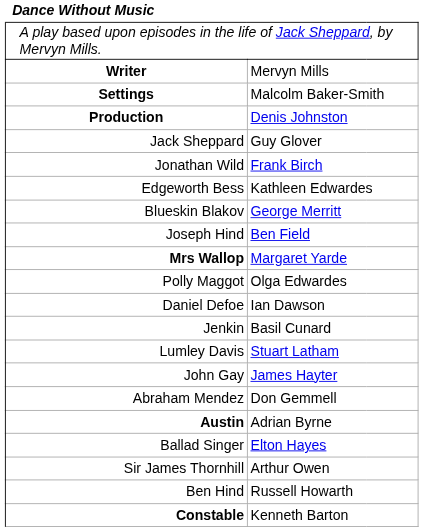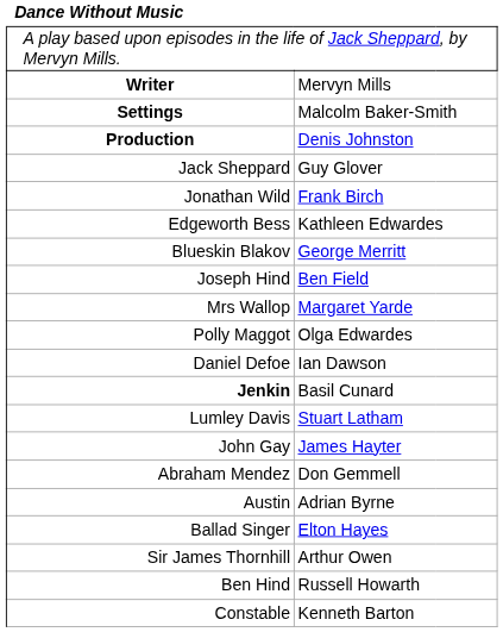 <table class="wikitable mw-collapsible mw-collapsed" style="vertical-align:top;margin:auto 2em;line-height:1.2;max-width:33em;background-color:inherit;border:none;">
 <tr>
 <td class=unsortable style="border:hidden;line-height:1.67;margin-left:-1em;text-align:center;padding-left:0.5em;min-width:1.0em;"></td>
 <td class=unsortable style="border-style:none;padding-left:0.5em;text-align:left;min-width:16.5em;font-weight:700;font-style:italic;">Dance Without Music</td>
 <td class=unsortable style="border:none;text-align:right;font-weight:normal; font-size:95%; min-width:8.5em;padding-right:0.2em;"></td>
 <td class=unsortable style="border:none;min-width:3.5em;padding-left:0;"></td>
 <td class=unsortable style="border:hidden;min-width:3.5em;font-size:95%;"></td>
 </tr>
 <tr>
 <td rowspan=100 style="border:none thin;border-right-style :solid;"></td>
 <td colspan=3 style="text-align:left;padding:0.1em 1em;font-style:italic;border: solid thin;">A play based upon episodes in the life of <a href='#'>Jack Sheppard</a>, by Mervyn Mills.</td>
 </tr>
 <tr>
 <td style="text-align:center;font-weight:bold;">Writer</td>
 <td colspan=2>Mervyn Mills</td>
 </tr>
 <tr>
 <td style="text-align:center;font-weight:bold;">Settings</td>
 <td colspan=2>Malcolm Baker-Smith</td>
 </tr>
 <tr>
 <td style="text-align:center;font-weight:bold;">Production</td>
 <td colspan=2><a href='#'>Denis Johnston</a></td>
 </tr>
 <tr>
 <td style="text-align:right;">Jack Sheppard</td>
 <td colspan=2>Guy Glover</td>
 </tr>
 <tr>
 <td style="text-align:right;">Jonathan Wild</td>
 <td colspan=2><a href='#'>Frank Birch</a></td>
 </tr>
 <tr>
 <td style="text-align:right;">Edgeworth Bess</td>
 <td colspan=2>Kathleen Edwardes</td>
 </tr>
 <tr>
 <td style="text-align:right;">Blueskin Blakov</td>
 <td colspan=2><a href='#'>George Merritt</a></td>
 </tr>
 <tr>
 <td style="text-align:right;">Joseph Hind</td>
 <td colspan=2><a href='#'>Ben Field</a></td>
 </tr>
 <tr>
-<td style="text-align:right;"><strong>Mrs Wallop</strong></td>
+<td style="text-align:right;">Mrs Wallop</td>
 <td colspan=2><a href='#'>Margaret Yarde</a></td>
 </tr>
 <tr>
 <td style="text-align:right;">Polly Maggot</td>
 <td colspan=2>Olga Edwardes</td>
 </tr>
 <tr>
 <td style="text-align:right;">Daniel Defoe</td>
 <td colspan=2>Ian Dawson</td>
 </tr>
 <tr>
-<td style="text-align:right;">Jenkin</td>
+<td style="text-align:right;"><strong>Jenkin</strong></td>
 <td colspan=2>Basil Cunard</td>
 </tr>
 <tr>
 <td style="text-align:right;">Lumley Davis</td>
 <td colspan=2><a href='#'>Stuart Latham</a></td>
 </tr>
 <tr>
 <td style="text-align:right;">John Gay</td>
 <td colspan=2><a href='#'>James Hayter</a></td>
 </tr>
 <tr>
 <td style="text-align:right;">Abraham Mendez</td>
 <td colspan=2>Don Gemmell</td>
 </tr>
 <tr>
-<td style="text-align:right;"><strong>Austin</strong></td>
+<td style="text-align:right;">Austin</td>
 <td colspan=2>Adrian Byrne</td>
 </tr>
 <tr>
 <td style="text-align:right;">Ballad Singer</td>
 <td colspan=2><a href='#'>Elton Hayes</a></td>
 </tr>
 <tr>
 <td style="text-align:right;">Sir James Thornhill</td>
 <td colspan=2>Arthur Owen</td>
 </tr>
 <tr>
 <td style="text-align:right;">Ben Hind</td>
 <td colspan=2>Russell Howarth</td>
 </tr>
 <tr>
-<td style="text-align:right;"><strong>Constable</strong></td>
+<td style="text-align:right;">Constable</td>
 <td colspan=2>Kenneth Barton</td>
 </tr>
 </table>
